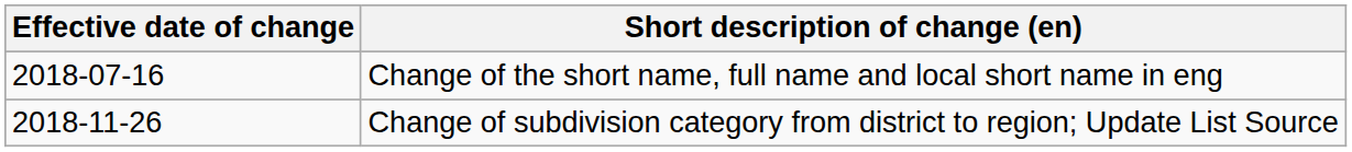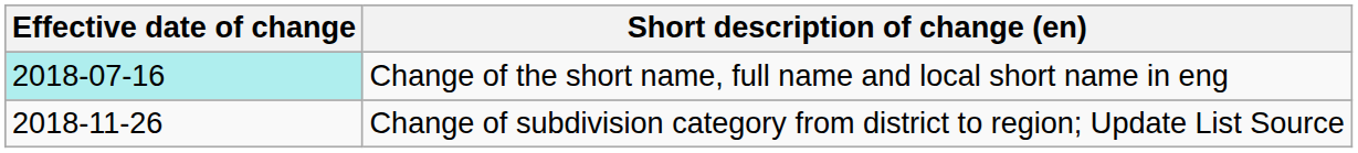 <table class="wikitable">
 <tr>
 <th>Effective date of change</th>
 <th>Short description of change (en)</th>
 </tr>
 <tr>
-<td>2018-07-16</td>
+<td style="background: paleturquoise;">2018-07-16</td>
 <td>Change of the short name, full name and local short name in eng</td>
 </tr>
 <tr>
 <td>2018-11-26</td>
 <td>Change of subdivision category from district to region; Update List Source</td>
 </tr>
 </table>
